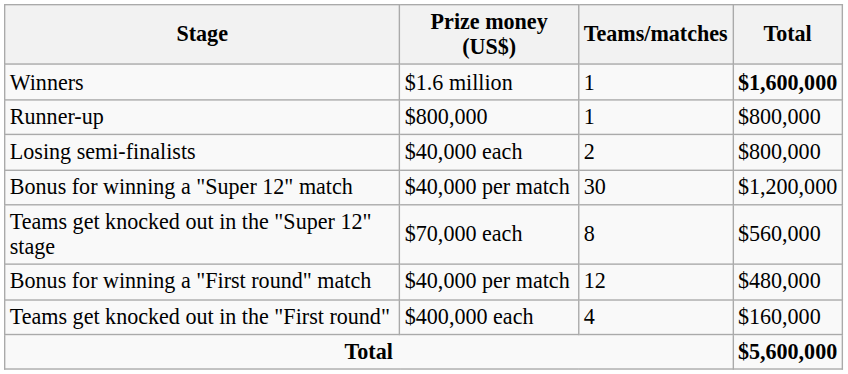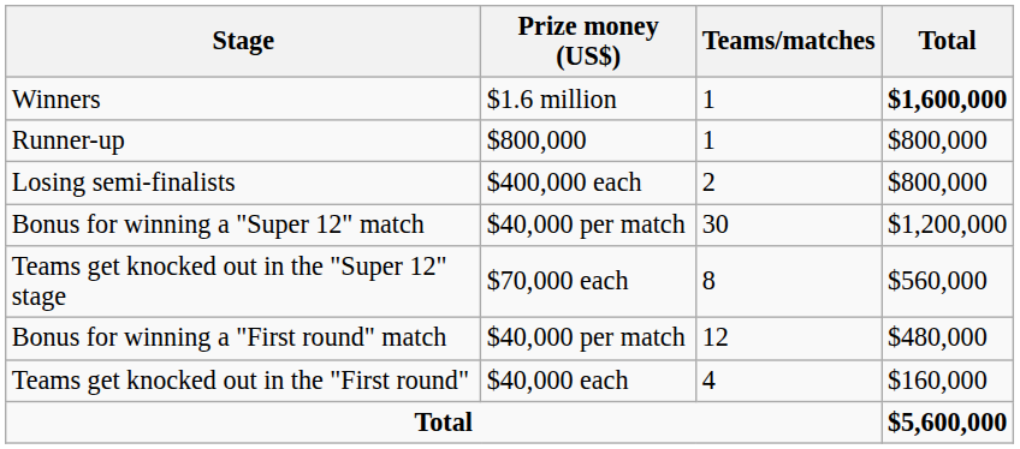 <table class="wikitable">
 <tr>
 <th>Stage</th>
 <th>Prize money (US$)</th>
 <th>Teams/matches</th>
 <th>Total</th>
 </tr>
 <tr>
 <td>Winners</td>
 <td>$1.6 million</td>
 <td>1</td>
 <td><strong>$1,600,000</strong></td>
 </tr>
 <tr>
 <td>Runner-up</td>
 <td>$800,000</td>
 <td>1</td>
 <td>$800,000</td>
 </tr>
 <tr>
 <td>Losing semi-finalists</td>
-<td>$40,000 each</td>
+<td>$400,000 each</td>
 <td>2</td>
 <td>$800,000</td>
 </tr>
 <tr>
 <td>Bonus for winning a "Super 12" match</td>
 <td>$40,000 per match</td>
 <td>30</td>
 <td>$1,200,000</td>
 </tr>
 <tr>
 <td>Teams get knocked out in the "Super 12" stage</td>
 <td>$70,000 each</td>
 <td>8</td>
 <td>$560,000</td>
 </tr>
 <tr>
 <td>Bonus for winning a "First round" match</td>
 <td>$40,000 per match</td>
 <td>12</td>
 <td>$480,000</td>
 </tr>
 <tr>
 <td>Teams get knocked out in the "First round"</td>
-<td>$400,000 each</td>
+<td>$40,000 each</td>
 <td>4</td>
 <td>$160,000</td>
 </tr>
 <tr>
 <td colspan=3; text align="center"><strong>Total</strong></td>
 <td><strong>$5,600,000</strong></td>
 </tr>
 </table>
